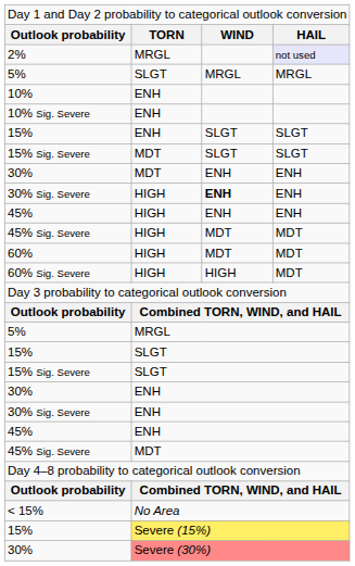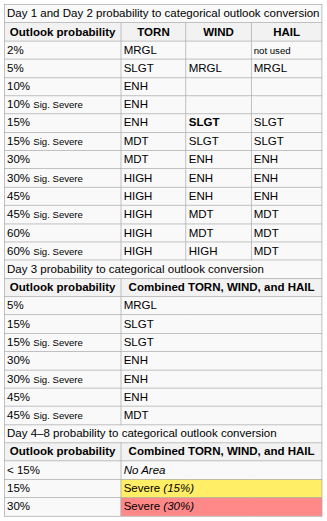 <table class="wikitable">
 <tr>
 <td colspan="4">Day 1 and Day 2 probability to categorical outlook conversion</td>
 </tr>
 <tr>
 <th scope="col">Outlook probability</th>
 <th scope="col">TORN</th>
 <th scope="col">WIND</th>
 <th scope="col">HAIL</th>
 </tr>
 <tr>
 <td>2%</td>
 <td scope="row" style="background:008000”">MRGL</td>
 <td></td>
-<td style="background: lavender;"><small>not used</small></td>
+<td><small>not used</small></td>
 </tr>
 <tr>
 <td>5%</td>
 <td scope="row" style="background:ffff00;">SLGT</td>
 <td scope="row" style="background:008000;">MRGL</td>
 <td scope="row" style="background:008000;">MRGL</td>
 </tr>
 <tr>
 <td>10%</td>
 <td scope="row" style="background:ffa500;">ENH</td>
 <td></td>
 <td></td>
 </tr>
 <tr>
 <td>10% <small>Sig. Severe</small></td>
 <td scope="row" style="background:ffa500;">ENH</td>
 <td></td>
 <td></td>
 </tr>
 <tr>
 <td>15%</td>
 <td scope="row" style="background:ffa500;">ENH</td>
-<td scope="row" style="background:ffff00;">SLGT</td>
+<td scope="row" style="background:ffff00;"><strong>SLGT</strong></td>
 <td scope="row" style="background:ffff00;">SLGT</td>
 </tr>
 <tr>
 <td>15% <small>Sig. Severe</small></td>
 <td scope="row" style="background:ff0000;">MDT</td>
 <td scope="row" style="background:ffff00;">SLGT</td>
 <td scope="row" style="background:ffff00;">SLGT</td>
 </tr>
 <tr>
 <td>30%</td>
 <td scope="row" style="background:ff0000;">MDT</td>
 <td scope="row" style="background:ffa500;">ENH</td>
 <td scope="row" style="background:ffa500;">ENH</td>
 </tr>
 <tr>
 <td>30% <small>Sig. Severe</small></td>
 <td scope="row" style="background:ff00ff;">HIGH</td>
-<td scope="row" style="background:ffa500;"><strong>ENH</strong></td>
+<td scope="row" style="background:ffa500;">ENH</td>
 <td scope="row" style="background:ffa500;">ENH</td>
 </tr>
 <tr>
 <td>45%</td>
 <td scope="row" style="background:ff00ff;">HIGH</td>
 <td scope="row" style="background:ffa500;">ENH</td>
 <td scope="row" style="background:ffa500;">ENH</td>
 </tr>
 <tr>
 <td>45% <small>Sig. Severe</small></td>
 <td scope="row" style="background:ff00ff;">HIGH</td>
 <td scope="row" style="background:ff0000;">MDT</td>
 <td scope="row" style="background:ff0000;">MDT</td>
 </tr>
 <tr>
 <td>60%</td>
 <td scope="row" style="background:ff00ff;">HIGH</td>
 <td scope="row" style="background:ff0000;">MDT</td>
 <td scope="row" style="background:ff0000;">MDT</td>
 </tr>
 <tr>
 <td>60% <small>Sig. Severe</small></td>
 <td scope="row" style="background:ff00ff;">HIGH</td>
 <td scope="row" style="background:ff00ff;">HIGH</td>
 <td scope="row" style="background:ff0000;">MDT</td>
 </tr>
 <tr>
 <td colspan="4">Day 3 probability to categorical outlook conversion</td>
 </tr>
 <tr>
 <th scope="col">Outlook probability</th>
 <th scope="col;" colspan="3">Combined TORN, WIND, and HAIL</th>
 </tr>
 <tr>
 <td>5%</td>
 <td scope="row;" colspan="3;" style="background:008000;">MRGL</td>
 </tr>
 <tr>
 <td>15%</td>
 <td scope="row;" colspan="3;" style="background:ffff00;">SLGT</td>
 </tr>
 <tr>
 <td>15% <small>Sig. Severe</small></td>
 <td scope="row;" colspan="3;"  style="background:ffff00;">SLGT</td>
 </tr>
 <tr>
 <td>30%</td>
 <td scope="row;" colspan="3;" style="background:ffa500;">ENH</td>
 </tr>
 <tr>
 <td>30% <small>Sig. Severe</small></td>
 <td scope="row;" colspan="3;" style="background:ffa500;">ENH</td>
 </tr>
 <tr>
 <td>45%</td>
 <td scope="row;" colspan="3;" style="background:ffa500;">ENH</td>
 </tr>
 <tr>
 <td>45% <small>Sig. Severe</small></td>
 <td scope="row;" colspan="3;" style="background:ff0000;">MDT</td>
 </tr>
 <tr>
 <td colspan="4">Day 4–8 probability to categorical outlook conversion</td>
 </tr>
 <tr>
 <th scope="col">Outlook probability</th>
 <th scope="col;" colspan="3">Combined TORN, WIND, and HAIL</th>
 </tr>
 <tr>
 <td>< 15%</td>
 <td scope="row;" colspan="3"><em>No Area</em></td>
 </tr>
 <tr>
 <td>15%</td>
 <td scope="row;" colspan="3;" style="background:#ffee66;">Severe <em>(15%)</em></td>
 </tr>
 <tr>
 <td>30%</td>
 <td scope="row;" colspan="3;" style="background:#ff8888;">Severe <em>(30%)</em></td>
 </tr>
 </table>
